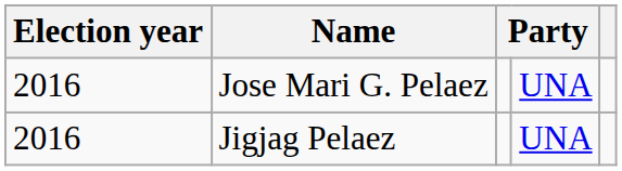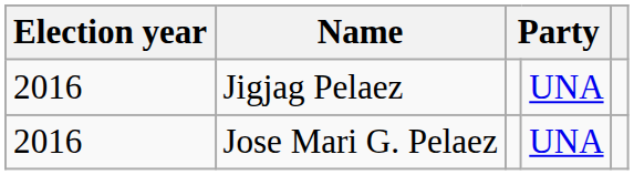 <table class="wikitable">
 <tr>
 <th>Election year</th>
 <th>Name</th>
 <th colspan="2">Party</th>
 <th></th>
 </tr>
 <tr>
 <td>2016</td>
-<td>Jose Mari G. Pelaez</td>
+<td>Jigjag Pelaez</td>
 <td></td>
 <td><a href='#'>UNA</a></td>
 <td></td>
 </tr>
 <tr>
 <td>2016</td>
-<td>Jigjag Pelaez</td>
+<td>Jose Mari G. Pelaez</td>
 <td></td>
 <td><a href='#'>UNA</a></td>
 <td></td>
 </tr>
 </table>
